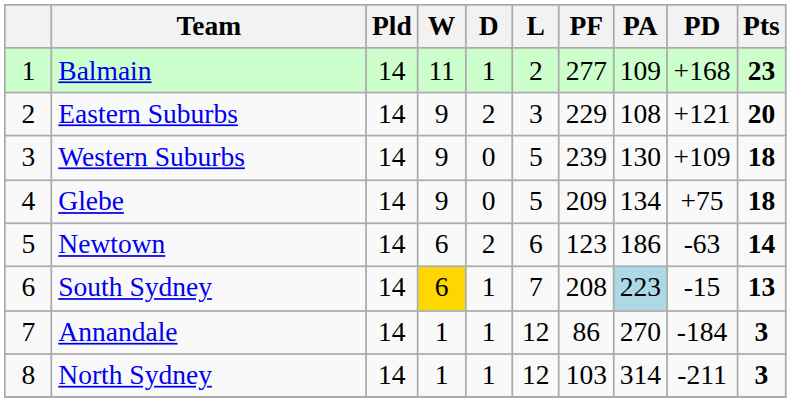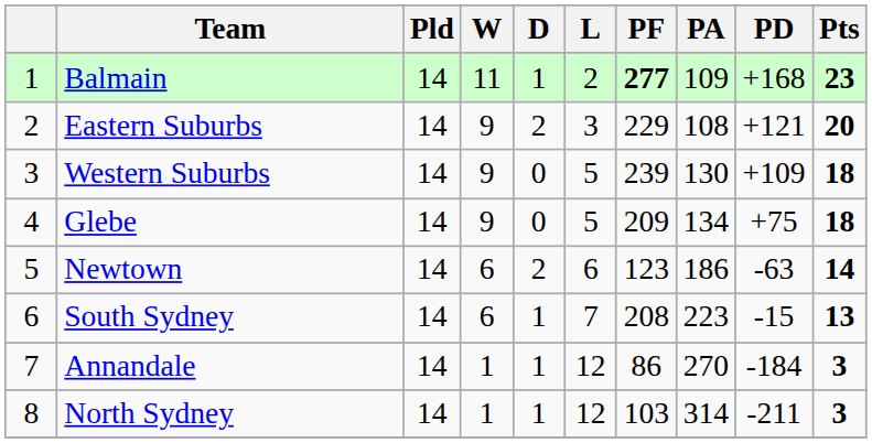 <table class="wikitable" style="text-align:center;">
 <tr>
 <th width=20 abbr="Position×"></th>
 <th width=175>Team</th>
 <th width=20 abbr="Played">Pld</th>
 <th width=20 abbr="Won">W</th>
 <th width=20 abbr="Drawn">D</th>
 <th width=20 abbr="Lost">L</th>
 <th width=20 abbr="Points for">PF</th>
 <th width=20 abbr="Points against">PA</th>
 <th width=20 abbr="Points difference">PD</th>
 <th width=20 abbr="Points">Pts</th>
 </tr>
 <tr style="background: #ccffcc;">
 <td>1</td>
 <td style="text-align:left;"> <a href='#'>Balmain</a></td>
 <td>14</td>
 <td>11</td>
 <td>1</td>
 <td>2</td>
-<td>277</td>
+<td><strong>277</strong></td>
 <td>109</td>
 <td>+168</td>
 <td><strong>23</strong></td>
 </tr>
 <tr>
 <td>2</td>
 <td style="text-align:left;"> <a href='#'>Eastern Suburbs</a></td>
 <td>14</td>
 <td>9</td>
 <td>2</td>
 <td>3</td>
 <td>229</td>
 <td>108</td>
 <td>+121</td>
 <td><strong>20</strong></td>
 </tr>
 <tr>
 <td>3</td>
 <td style="text-align:left;"> <a href='#'>Western Suburbs</a></td>
 <td>14</td>
 <td>9</td>
 <td>0</td>
 <td>5</td>
 <td>239</td>
 <td>130</td>
 <td>+109</td>
 <td><strong>18</strong></td>
 </tr>
 <tr>
 <td>4</td>
 <td style="text-align:left;"> <a href='#'>Glebe</a></td>
 <td>14</td>
 <td>9</td>
 <td>0</td>
 <td>5</td>
 <td>209</td>
 <td>134</td>
 <td>+75</td>
 <td><strong>18</strong></td>
 </tr>
 <tr>
 <td>5</td>
 <td style="text-align:left;"> <a href='#'>Newtown</a></td>
 <td>14</td>
 <td>6</td>
 <td>2</td>
 <td>6</td>
 <td>123</td>
 <td>186</td>
 <td>-63</td>
 <td><strong>14</strong></td>
 </tr>
 <tr>
 <td>6</td>
 <td style="text-align:left;"> <a href='#'>South Sydney</a></td>
 <td>14</td>
-<td style="background: gold;">6</td>
+<td>6</td>
 <td>1</td>
 <td>7</td>
 <td>208</td>
-<td style="background: lightblue;">223</td>
+<td>223</td>
 <td>-15</td>
 <td><strong>13</strong></td>
 </tr>
 <tr>
 <td>7</td>
 <td style="text-align:left;"> <a href='#'>Annandale</a></td>
 <td>14</td>
 <td>1</td>
 <td>1</td>
 <td>12</td>
 <td>86</td>
 <td>270</td>
 <td>-184</td>
 <td><strong>3</strong></td>
 </tr>
 <tr>
 <td>8</td>
 <td style="text-align:left;"> <a href='#'>North Sydney</a></td>
 <td>14</td>
 <td>1</td>
 <td>1</td>
 <td>12</td>
 <td>103</td>
 <td>314</td>
 <td>-211</td>
 <td><strong>3</strong></td>
 </tr>
 <tr>
 </tr>
 </table>
